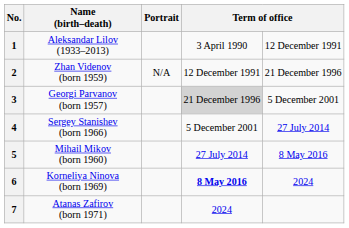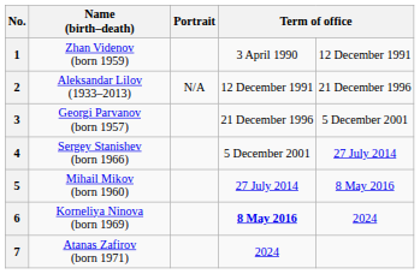 <table class="wikitable" style="text-align:center">
 <tr>
 <th>No.</th>
 <th width=180>Name<br>(birth–death)</th>
 <th>Portrait</th>
 <th colspan=2>Term of office</th>
 </tr>
 <tr>
 <th style="background:">1</th>
-<td><a href='#'>Aleksandar Lilov</a><br>(1933–2013)</td>
+<td><a href='#'>Zhan Videnov</a><br>(born 1959)</td>
 <td></td>
 <td>3 April 1990</td>
 <td>12 December 1991</td>
 </tr>
 <tr>
 <th style="background:">2</th>
-<td><a href='#'>Zhan Videnov</a><br>(born 1959)</td>
+<td><a href='#'>Aleksandar Lilov</a><br>(1933–2013)</td>
 <td>N/A</td>
 <td>12 December 1991</td>
 <td>21 December 1996</td>
 </tr>
 <tr>
 <th style="background:">3</th>
 <td><a href='#'>Georgi Parvanov</a><br>(born 1957)</td>
 <td></td>
-<td style="background: lightgrey;">21 December 1996</td>
+<td>21 December 1996</td>
 <td>5 December 2001</td>
 </tr>
 <tr>
 <th style="background:">4</th>
 <td><a href='#'>Sergey Stanishev</a><br>(born 1966)</td>
 <td></td>
 <td>5 December 2001</td>
 <td><a href='#'>27 July 2014</a></td>
 </tr>
 <tr>
 <th style="background:">5</th>
 <td><a href='#'>Mihail Mikov</a><br>(born 1960)</td>
 <td></td>
 <td><a href='#'>27 July 2014</a></td>
 <td><a href='#'>8 May 2016</a></td>
 </tr>
 <tr>
 <th style="background:">6</th>
 <td><a href='#'>Korneliya Ninova</a><br>(born 1969)</td>
 <td></td>
 <td><strong><a href='#'>8 May 2016</a></strong></td>
 <td><a href='#'>2024</a></td>
 </tr>
 <tr>
 <th style="background:">7</th>
 <td><a href='#'>Atanas Zafirov</a><br>(born 1971)</td>
 <td></td>
 <td><a href='#'>2024</a></td>
 <td></td>
 </tr>
 </table>
